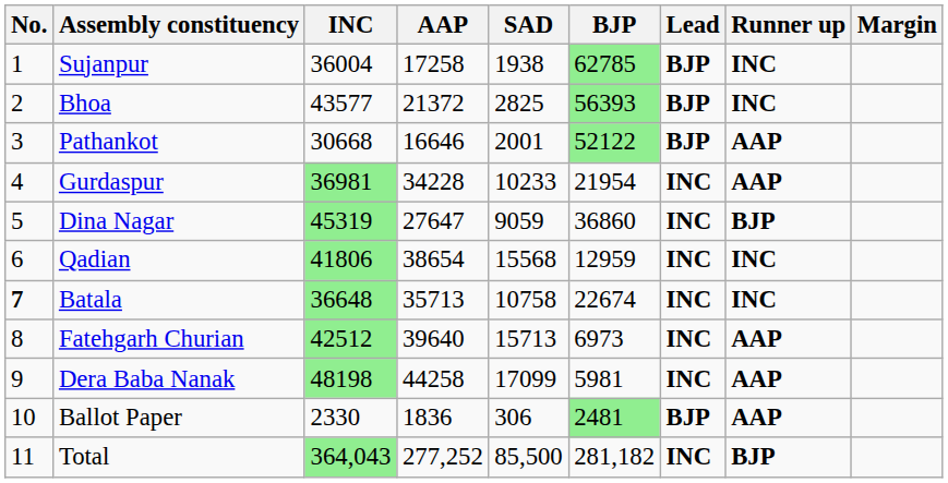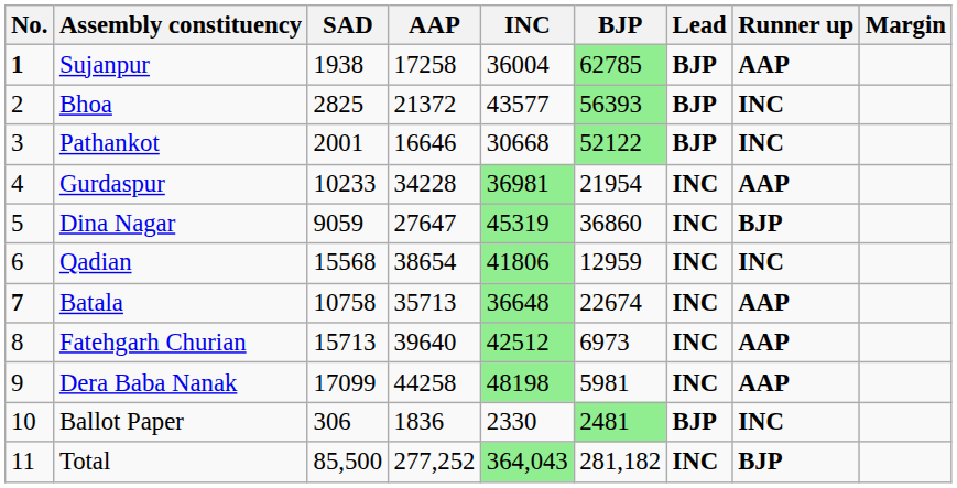 <table class="wikitable sortable">
 <tr>
 <th>No.</th>
 <th>Assembly constituency</th>
+<th>SAD</th>
+<th>AAP</th>
 <th>INC</th>
-<th>AAP</th>
-<th>SAD</th>
 <th>BJP</th>
 <th>Lead</th>
 <th>Runner up</th>
 <th>Margin</th>
 </tr>
 <tr>
-<td>1</td>
+<td><strong>1</strong></td>
 <td><a href='#'>Sujanpur</a></td>
+<td>1938</td>
+<td>17258</td>
 <td>36004</td>
-<td>17258</td>
-<td>1938</td>
 <td bgcolor="lightgreen">62785</td>
 <td style="background:"><strong>BJP</strong></td>
-<td style="background: "><strong>INC</strong></td>
+<td style="background: "><span><strong>AAP</strong></span></td>
 <td></td>
 </tr>
 <tr>
 <td>2</td>
 <td><a href='#'>Bhoa</a></td>
+<td>2825</td>
+<td>21372</td>
 <td>43577</td>
-<td>21372</td>
-<td>2825</td>
 <td bgcolor="lightgreen">56393</td>
 <td style="background:"><strong>BJP</strong></td>
 <td style="background: "><strong>INC</strong></td>
 <td></td>
 </tr>
 <tr>
 <td>3</td>
 <td><a href='#'>Pathankot</a></td>
+<td>2001</td>
+<td>16646</td>
 <td>30668</td>
-<td>16646</td>
-<td>2001</td>
 <td bgcolor="lightgreen">52122</td>
 <td style="background:"><strong>BJP</strong></td>
-<td style="background: "><span><strong>AAP</strong></span></td>
+<td style="background: "><strong>INC</strong></td>
 <td></td>
 </tr>
 <tr>
 <td>4</td>
 <td><a href='#'>Gurdaspur</a></td>
+<td>10233</td>
+<td>34228</td>
 <td bgcolor="lightgreen">36981</td>
-<td>34228</td>
-<td>10233</td>
 <td>21954</td>
 <td style="background: "><strong>INC</strong></td>
 <td style="background: "><span><strong>AAP</strong></span></td>
 <td></td>
 </tr>
 <tr>
 <td>5</td>
 <td><a href='#'>Dina Nagar</a></td>
+<td>9059</td>
+<td>27647</td>
 <td bgcolor="lightgreen">45319</td>
-<td>27647</td>
-<td>9059</td>
 <td>36860</td>
 <td style="background: "><strong>INC</strong></td>
 <td style="background:"><strong>BJP</strong></td>
 <td></td>
 </tr>
 <tr>
 <td>6</td>
 <td><a href='#'>Qadian</a></td>
+<td>15568</td>
+<td>38654</td>
 <td bgcolor="lightgreen">41806</td>
-<td>38654</td>
-<td>15568</td>
 <td>12959</td>
 <td style="background: "><strong>INC</strong></td>
 <td style="background: "><strong>INC</strong></td>
 <td></td>
 </tr>
 <tr>
 <td><strong>7</strong></td>
 <td><a href='#'>Batala</a></td>
+<td>10758</td>
+<td>35713</td>
 <td bgcolor="lightgreen">36648</td>
-<td>35713</td>
-<td>10758</td>
 <td>22674</td>
 <td style="background: "><strong>INC</strong></td>
-<td style="background: "><strong>INC</strong></td>
+<td style="background: "><span><strong>AAP</strong></span></td>
 <td></td>
 </tr>
 <tr>
 <td>8</td>
 <td><a href='#'>Fatehgarh Churian</a></td>
+<td>15713</td>
+<td>39640</td>
 <td bgcolor="lightgreen">42512</td>
-<td>39640</td>
-<td>15713</td>
 <td>6973</td>
 <td style="background: "><strong>INC</strong></td>
 <td style="background: "><span><strong>AAP</strong></span></td>
 <td></td>
 </tr>
 <tr>
 <td>9</td>
 <td><a href='#'>Dera Baba Nanak</a></td>
+<td>17099</td>
+<td>44258</td>
 <td bgcolor="lightgreen">48198</td>
-<td>44258</td>
-<td>17099</td>
 <td>5981</td>
 <td style="background: "><strong>INC</strong></td>
 <td style="background: "><span><strong>AAP</strong></span></td>
 <td></td>
 </tr>
 <tr>
 <td>10</td>
 <td>Ballot Paper</td>
+<td>306</td>
+<td>1836</td>
 <td>2330</td>
-<td>1836</td>
-<td>306</td>
 <td bgcolor="lightgreen">2481</td>
 <td style="background:"><strong>BJP</strong></td>
-<td style="background: "><span><strong>AAP</strong></span></td>
+<td style="background: "><strong>INC</strong></td>
 <td></td>
 </tr>
 <tr>
 <td>11</td>
 <td>Total</td>
+<td>85,500</td>
+<td>277,252</td>
 <td bgcolor="lightgreen">364,043</td>
-<td>277,252</td>
-<td>85,500</td>
 <td>281,182</td>
 <td style="background: "><strong>INC</strong></td>
 <td style="background:"><strong>BJP</strong></td>
 <td></td>
 </tr>
 </table>
